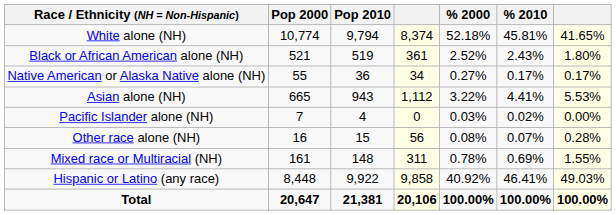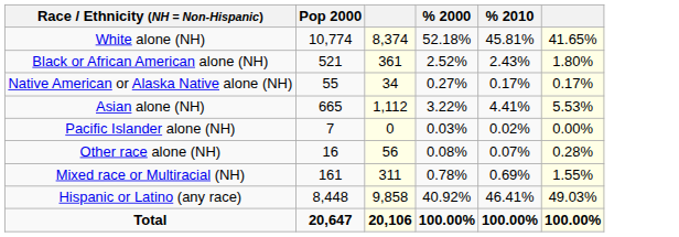 <table class="wikitable" style="text-align:center;">
 <tr>
 <th>Race / Ethnicity <small>(<em>NH = Non-Hispanic</em>)</small></th>
 <th>Pop 2000</th>
-<th>Pop 2010</th>
 <th></th>
 <th>% 2000</th>
 <th>% 2010</th>
 <th></th>
 </tr>
 <tr>
 <td><a href='#'>White</a> alone (NH)</td>
 <td>10,774</td>
-<td>9,794</td>
 <td style='background: #ffffe6;'>8,374</td>
 <td>52.18%</td>
 <td>45.81%</td>
 <td style='background: #ffffe6;'>41.65%</td>
 </tr>
 <tr>
 <td><a href='#'>Black or African American</a> alone (NH)</td>
 <td>521</td>
-<td>519</td>
 <td style='background: #ffffe6;'>361</td>
 <td>2.52%</td>
 <td>2.43%</td>
 <td style='background: #ffffe6;'>1.80%</td>
 </tr>
 <tr>
 <td><a href='#'>Native American</a> or <a href='#'>Alaska Native</a> alone (NH)</td>
 <td>55</td>
-<td>36</td>
 <td style='background: #ffffe6;'>34</td>
 <td>0.27%</td>
 <td>0.17%</td>
 <td style='background: #ffffe6;'>0.17%</td>
 </tr>
 <tr>
 <td><a href='#'>Asian</a> alone (NH)</td>
 <td>665</td>
-<td>943</td>
 <td style='background: #ffffe6;'>1,112</td>
 <td>3.22%</td>
 <td>4.41%</td>
 <td style='background: #ffffe6;'>5.53%</td>
 </tr>
 <tr>
 <td><a href='#'>Pacific Islander</a> alone (NH)</td>
 <td>7</td>
-<td>4</td>
 <td style='background: #ffffe6;'>0</td>
 <td>0.03%</td>
 <td>0.02%</td>
 <td style='background: #ffffe6;'>0.00%</td>
 </tr>
 <tr>
 <td><a href='#'>Other race</a> alone (NH)</td>
 <td>16</td>
-<td>15</td>
 <td style='background: #ffffe6;'>56</td>
 <td>0.08%</td>
 <td>0.07%</td>
 <td style='background: #ffffe6;'>0.28%</td>
 </tr>
 <tr>
 <td><a href='#'>Mixed race or Multiracial</a> (NH)</td>
 <td>161</td>
-<td>148</td>
 <td style='background: #ffffe6;'>311</td>
 <td>0.78%</td>
 <td>0.69%</td>
 <td style='background: #ffffe6;'>1.55%</td>
 </tr>
 <tr>
 <td><a href='#'>Hispanic or Latino</a> (any race)</td>
 <td>8,448</td>
-<td>9,922</td>
 <td style='background: #ffffe6;'>9,858</td>
 <td>40.92%</td>
 <td>46.41%</td>
 <td style='background: #ffffe6;'>49.03%</td>
 </tr>
 <tr>
 <td><strong>Total</strong></td>
 <td><strong>20,647</strong></td>
-<td><strong>21,381</strong></td>
 <td style='background: #ffffe6;'><strong>20,106</strong></td>
 <td><strong>100.00%</strong></td>
 <td><strong>100.00%</strong></td>
 <td style='background: #ffffe6;'><strong>100.00%</strong></td>
 </tr>
 </table>
